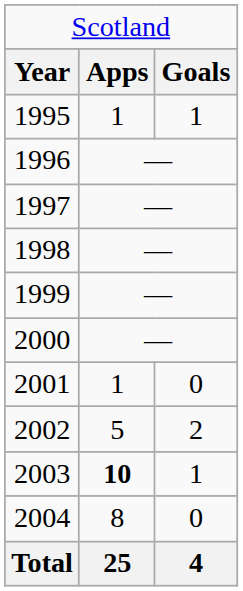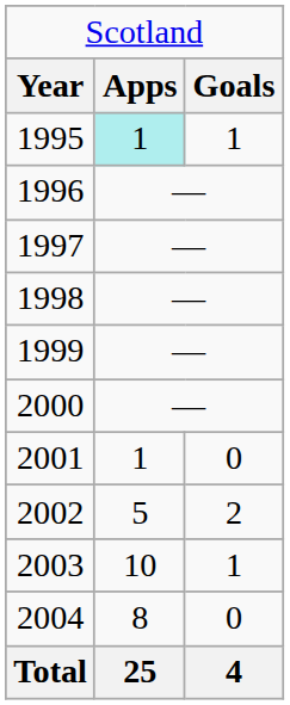 <table class="wikitable" style="text-align:center">
 <tr>
 <td colspan=3><a href='#'>Scotland</a></td>
 </tr>
 <tr>
 <th>Year</th>
 <th>Apps</th>
 <th>Goals</th>
 </tr>
 <tr>
 <td>1995</td>
-<td>1</td>
+<td style="background: paleturquoise;">1</td>
 <td>1</td>
 </tr>
 <tr>
 <td>1996</td>
 <td colspan=2>—</td>
 </tr>
 <tr>
 <td>1997</td>
 <td colspan=2>—</td>
 </tr>
 <tr>
 <td>1998</td>
 <td colspan=2>—</td>
 </tr>
 <tr>
 <td>1999</td>
 <td colspan=2>—</td>
 </tr>
 <tr>
 <td>2000</td>
 <td colspan=2>—</td>
 </tr>
 <tr>
 <td>2001</td>
 <td>1</td>
 <td>0</td>
 </tr>
 <tr>
 <td>2002</td>
 <td>5</td>
 <td>2</td>
 </tr>
 <tr>
 <td>2003</td>
-<td><strong>10</strong></td>
+<td>10</td>
 <td>1</td>
 </tr>
 <tr>
 <td>2004</td>
 <td>8</td>
 <td>0</td>
 </tr>
 <tr>
 <th>Total</th>
 <th>25</th>
 <th>4</th>
 </tr>
 </table>
